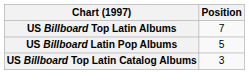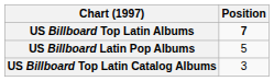 <table class="wikitable sortable plainrowheaders" style="text-align:center;">
 <tr>
 <th scope="col">Chart (1997)</th>
 <th scope="col">Position</th>
 </tr>
 <tr>
 <th scope=row>US <em>Billboard</em> Top Latin Albums</th>
-<td>7</td>
+<td><strong>7</strong></td>
 </tr>
 <tr>
 <th scope=row>US <em>Billboard</em> Latin Pop Albums</th>
 <td>5</td>
 </tr>
 <tr>
 <th scope=row>US <em>Billboard</em> Top Latin Catalog Albums</th>
 <td>3</td>
 </tr>
 </table>
